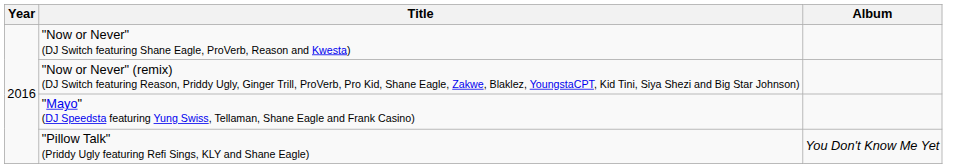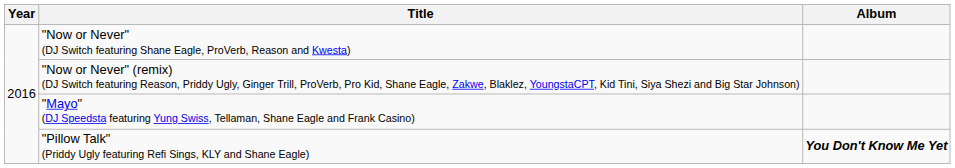 <table class="wikitable">
 <tr>
 <th>Year</th>
 <th>Title</th>
 <th>Album</th>
 </tr>
 <tr>
 <td rowspan="4">2016</td>
 <td>"Now or Never"<br><small>(DJ Switch featuring Shane Eagle, ProVerb, Reason and <a href='#'>Kwesta</a>)</small></td>
 <td></td>
 </tr>
 <tr>
 <td>"Now or Never" (remix)<br><small>(DJ Switch featuring Reason, Priddy Ugly, Ginger Trill, ProVerb, Pro Kid, Shane Eagle, <a href='#'>Zakwe</a>, Blaklez, <a href='#'>YoungstaCPT</a>, Kid Tini, Siya Shezi and Big Star Johnson)</small></td>
 <td></td>
 </tr>
 <tr>
 <td>"<a href='#'>Mayo</a>"<br><small>(<a href='#'>DJ Speedsta</a> featuring <a href='#'>Yung Swiss</a>, Tellaman, Shane Eagle and Frank Casino)</small></td>
 <td></td>
 </tr>
 <tr>
 <td>"Pillow Talk"<br><small>(Priddy Ugly featuring Refi Sings, KLY and Shane Eagle)</small></td>
-<td><em>You Don't Know Me Yet</em></td>
+<td><strong><em>You Don't Know Me Yet</em></strong></td>
 </tr>
 </table>
